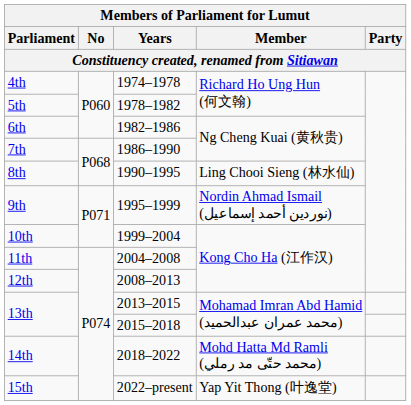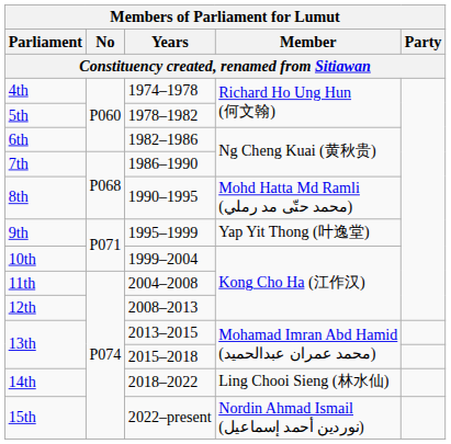 <table class=wikitable>
 <tr>
 <th colspan="5">Members of Parliament for Lumut</th>
 </tr>
 <tr>
 <th>Parliament</th>
 <th>No</th>
 <th>Years</th>
 <th>Member</th>
 <th>Party</th>
 </tr>
 <tr>
 <th colspan="5" align="center"><em>Constituency created, renamed from <a href='#'>Sitiawan</a></em></th>
 </tr>
 <tr>
 <td><a href='#'>4th</a></td>
 <td rowspan="3">P060</td>
 <td>1974–1978</td>
 <td rowspan=2><a href='#'>Richard Ho Ung Hun</a>  <br>(何文翰)</td>
 <td rowspan="9"></td>
 </tr>
 <tr>
 <td><a href='#'>5th</a></td>
 <td>1978–1982</td>
 </tr>
 <tr>
 <td><a href='#'>6th</a></td>
 <td>1982–1986</td>
 <td rowspan=2>Ng Cheng Kuai (黄秋贵)</td>
 </tr>
 <tr>
 <td><a href='#'>7th</a></td>
 <td rowspan="2">P068</td>
 <td>1986–1990</td>
 </tr>
 <tr>
 <td><a href='#'>8th</a></td>
 <td>1990–1995</td>
-<td>Ling Chooi Sieng (林水仙)</td>
+<td><a href='#'>Mohd Hatta Md Ramli</a> <br> (محمد حتّى مد رملي)</td>
 </tr>
 <tr>
 <td><a href='#'>9th</a></td>
 <td rowspan="2">P071</td>
 <td>1995–1999</td>
-<td><a href='#'>Nordin Ahmad Ismail</a>  <br>(نوردين أحمد إسماعيل)</td>
+<td>Yap Yit Thong (叶逸堂)</td>
 </tr>
 <tr>
 <td><a href='#'>10th</a></td>
 <td>1999–2004</td>
 <td rowspan=3><a href='#'>Kong Cho Ha</a> (江作汉)</td>
 </tr>
 <tr>
 <td><a href='#'>11th</a></td>
 <td rowspan=6>P074</td>
 <td>2004–2008</td>
 </tr>
 <tr>
 <td><a href='#'>12th</a></td>
 <td>2008–2013</td>
 </tr>
 <tr>
 <td rowspan=2><a href='#'>13th</a></td>
 <td>2013–2015</td>
 <td rowspan=2><a href='#'>Mohamad Imran Abd Hamid</a> <br> (محمد عمران عبدالحميد)</td>
 <td></td>
 </tr>
 <tr>
 <td>2015–2018</td>
 <td></td>
 </tr>
 <tr>
 <td><a href='#'>14th</a></td>
 <td>2018–2022</td>
-<td><a href='#'>Mohd Hatta Md Ramli</a> <br> (محمد حتّى مد رملي)</td>
+<td>Ling Chooi Sieng (林水仙)</td>
 <td></td>
 </tr>
 <tr>
 <td><a href='#'>15th</a></td>
 <td>2022–present</td>
-<td>Yap Yit Thong (叶逸堂)</td>
+<td><a href='#'>Nordin Ahmad Ismail</a>  <br>(نوردين أحمد إسماعيل)</td>
 <td></td>
 </tr>
 </table>
